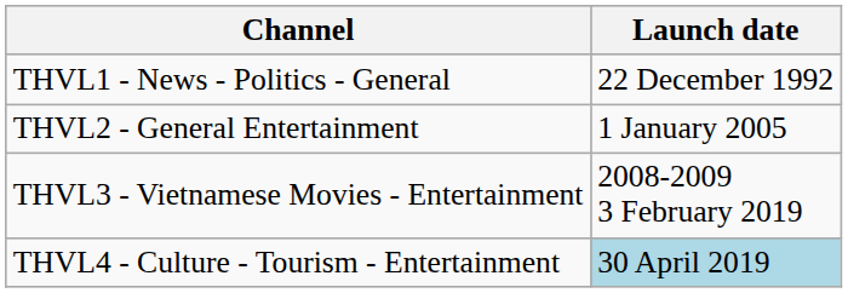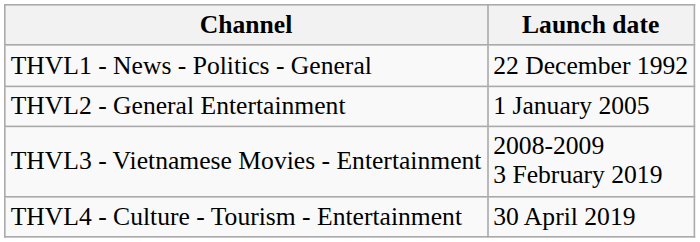 <table class="wikitable">
 <tr>
 <th>Channel</th>
 <th>Launch date</th>
 </tr>
 <tr>
 <td>THVL1 - News - Politics - General</td>
 <td>22 December 1992</td>
 </tr>
 <tr>
 <td>THVL2 - General Entertainment</td>
 <td>1 January 2005</td>
 </tr>
 <tr>
 <td>THVL3 - Vietnamese Movies -  Entertainment</td>
 <td>2008-2009<br>3 February 2019</td>
 </tr>
 <tr>
 <td>THVL4 - Culture - Tourism - Entertainment</td>
-<td style="background: lightblue;">30 April 2019</td>
+<td>30 April 2019</td>
 </tr>
 </table>
